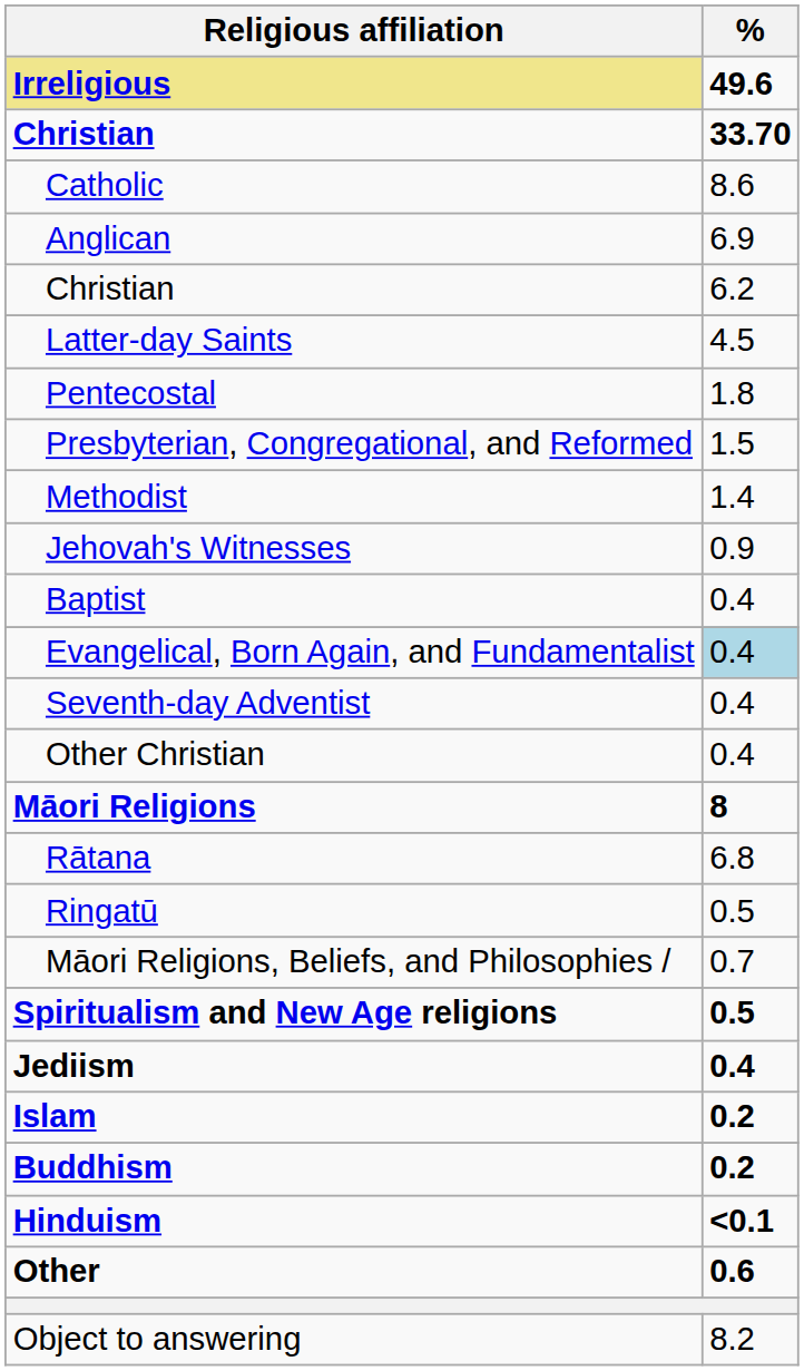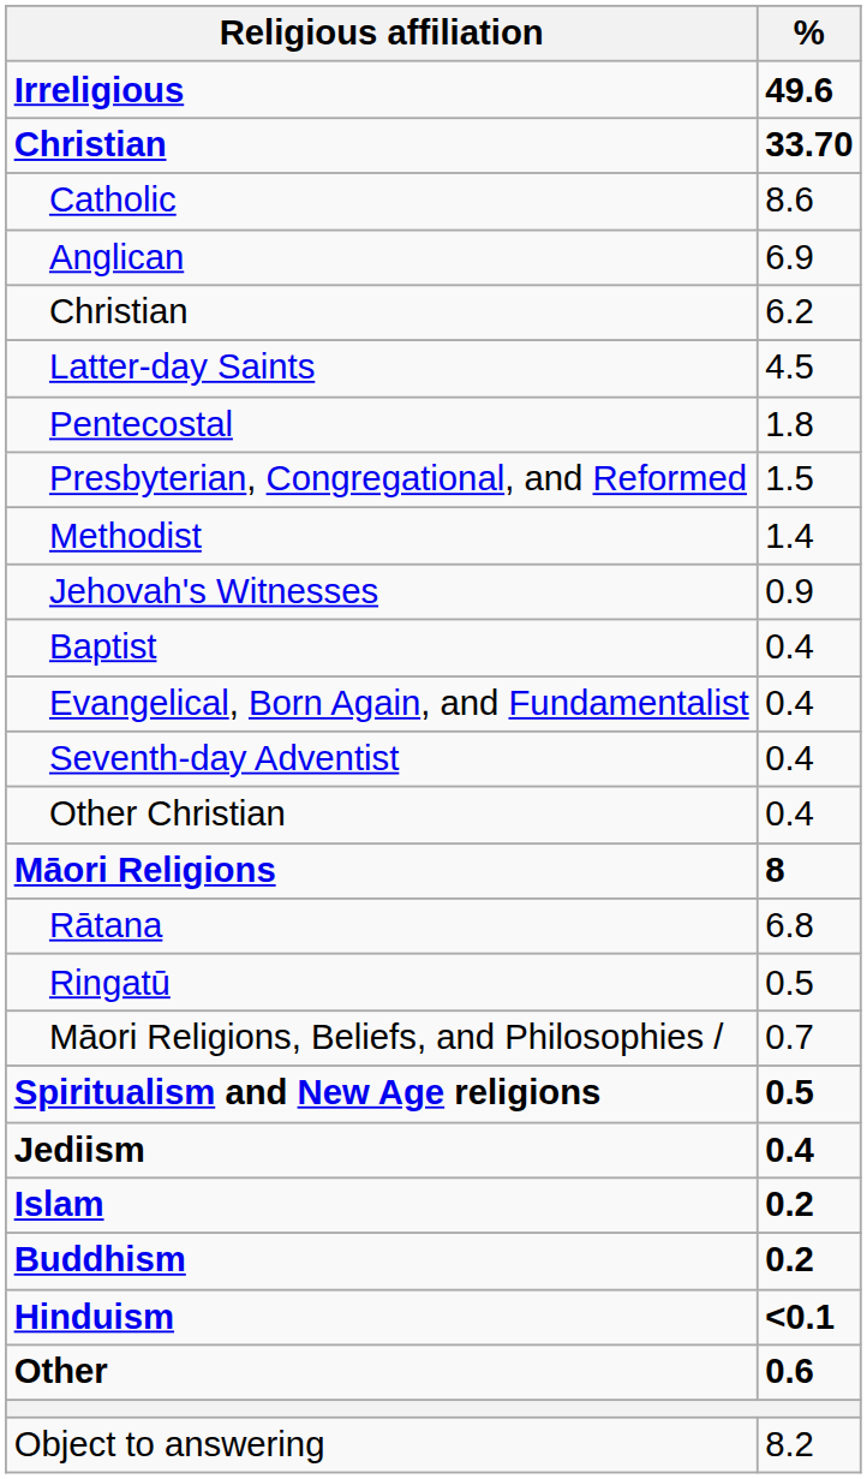 <table class=wikitable style="text-align:left;">
 <tr>
 <th>Religious affiliation</th>
 <th>%</th>
 </tr>
 <tr>
-<td style="background: khaki;"><strong><a href='#'>Irreligious</a></strong></td>
+<td><strong><a href='#'>Irreligious</a></strong></td>
 <td><strong>49.6</strong></td>
 </tr>
 <tr>
 <td><strong><a href='#'>Christian</a></strong></td>
 <td><strong>33.70</strong></td>
 </tr>
 <tr>
 <td> <a href='#'>Catholic</a></td>
 <td>8.6</td>
 </tr>
 <tr>
 <td> <a href='#'>Anglican</a></td>
 <td>6.9</td>
 </tr>
 <tr>
 <td> Christian </td>
 <td>6.2</td>
 </tr>
 <tr>
 <td> <a href='#'>Latter-day Saints</a></td>
 <td>4.5</td>
 </tr>
 <tr>
 <td> <a href='#'>Pentecostal</a> </td>
 <td>1.8</td>
 </tr>
 <tr>
 <td> <a href='#'>Presbyterian</a>, <a href='#'>Congregational</a>, and <a href='#'>Reformed</a></td>
 <td>1.5</td>
 </tr>
 <tr>
 <td> <a href='#'>Methodist</a> </td>
 <td>1.4</td>
 </tr>
 <tr>
 <td> <a href='#'>Jehovah's Witnesses</a></td>
 <td>0.9</td>
 </tr>
 <tr>
 <td> <a href='#'>Baptist</a> </td>
 <td>0.4</td>
 </tr>
 <tr>
 <td> <a href='#'>Evangelical</a>, <a href='#'>Born Again</a>, and <a href='#'>Fundamentalist</a></td>
-<td style="background: lightblue;">0.4</td>
+<td>0.4</td>
 </tr>
 <tr>
 <td> <a href='#'>Seventh-day Adventist</a></td>
 <td>0.4</td>
 </tr>
 <tr>
 <td> Other Christian</td>
 <td>0.4</td>
 </tr>
 <tr>
 <td><strong><a href='#'>Māori Religions</a></strong></td>
 <td><strong>8</strong></td>
 </tr>
 <tr>
 <td> <a href='#'>Rātana</a></td>
 <td>6.8</td>
 </tr>
 <tr>
 <td> <a href='#'>Ringatū</a></td>
 <td>0.5</td>
 </tr>
 <tr>
 <td> Māori Religions, Beliefs, and Philosophies /</td>
 <td>0.7</td>
 </tr>
 <tr>
 <td><strong><a href='#'>Spiritualism</a> and <a href='#'>New Age</a> religions</strong></td>
 <td><strong>0.5</strong></td>
 </tr>
 <tr>
 <td><strong>Jediism</strong></td>
 <td><strong>0.4</strong></td>
 </tr>
 <tr>
 <td><strong><a href='#'>Islam</a></strong></td>
 <td><strong>0.2</strong></td>
 </tr>
 <tr>
 <td><strong><a href='#'>Buddhism</a></strong></td>
 <td><strong>0.2</strong></td>
 </tr>
 <tr>
 <td><strong><a href='#'>Hinduism</a></strong></td>
 <td><strong><0.1</strong></td>
 </tr>
 <tr>
 <td><strong>Other</strong></td>
 <td><strong>0.6</strong></td>
 </tr>
 <tr>
 <th colspan=3></th>
 </tr>
 <tr>
 <td>Object to answering</td>
 <td>8.2</td>
 </tr>
 </table>
